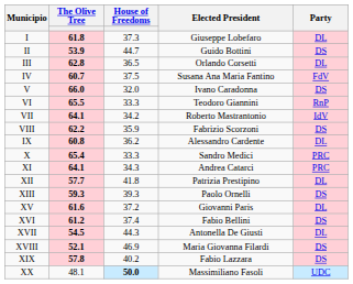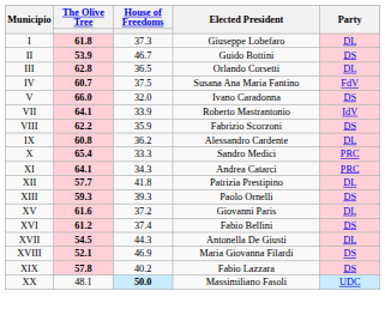 <table class="wikitable" style="text-align:center; font-size:85%; line-height:13px">
 <tr style="height:30px; background-color:#E9E9E9">
 <th style="width:50px;" rowspan="2">Municipio</th>
 <th style="width:75px;"><a href='#'>The Olive Tree</a></th>
 <th style="width:75px;"><a href='#'>House of Freedoms</a></th>
 <th style="width:195px;" rowspan="2">Elected President</th>
 <th style="width:75px;" rowspan="2">Party</th>
 </tr>
 <tr>
 <th style="background:"></th>
 <th style="background:"></th>
 </tr>
 <tr>
 <td>I</td>
 <td style="background:#FFD0D7"><strong>61.8</strong></td>
 <td>37.3</td>
 <td>Giuseppe Lobefaro</td>
 <td style="background:#FFD0D7"><a href='#'>DL</a></td>
 </tr>
 <tr>
 <td>II</td>
 <td style="background:#FFD0D7"><strong>53.9</strong></td>
-<td>44.7</td>
+<td>46.7</td>
 <td>Guido Bottini</td>
 <td style="background:#FFD0D7"><a href='#'>DS</a></td>
 </tr>
 <tr>
 <td>III</td>
 <td style="background:#FFD0D7"><strong>62.8</strong></td>
 <td>36.5</td>
 <td>Orlando Corsetti</td>
 <td style="background:#FFD0D7"><a href='#'>DL</a></td>
 </tr>
 <tr>
 <td>IV</td>
 <td style="background:#FFD0D7"><strong>60.7</strong></td>
 <td>37.5</td>
 <td>Susana Ana Maria Fantino</td>
 <td style="background:#FFD0D7"><a href='#'>FdV</a></td>
 </tr>
 <tr>
 <td>V</td>
 <td style="background:#FFD0D7"><strong>66.0</strong></td>
 <td>32.0</td>
 <td>Ivano Caradonna</td>
 <td style="background:#FFD0D7"><a href='#'>DS</a></td>
 </tr>
 <tr>
-<td>VI</td>
-<td style="background:#FFD0D7"><strong>65.5</strong></td>
-<td>33.3</td>
-<td>Teodoro Giannini</td>
-<td style="background:#FFD0D7"><a href='#'>RnP</a></td>
-</tr>
-<tr>
 <td>VII</td>
 <td style="background:#FFD0D7"><strong>64.1</strong></td>
-<td>34.2</td>
+<td>33.9</td>
 <td>Roberto Mastrantonio</td>
 <td style="background:#FFD0D7"><a href='#'>IdV</a></td>
 </tr>
 <tr>
 <td>VIII</td>
 <td style="background:#FFD0D7"><strong>62.2</strong></td>
 <td>35.9</td>
 <td>Fabrizio Scorzoni</td>
 <td style="background:#FFD0D7"><a href='#'>DS</a></td>
 </tr>
 <tr>
 <td>IX</td>
 <td style="background:#FFD0D7"><strong>60.8</strong></td>
 <td>36.2</td>
 <td>Alessandro Cardente</td>
 <td style="background:#FFD0D7"><a href='#'>DL</a></td>
 </tr>
 <tr>
 <td>X</td>
 <td style="background:#FFD0D7"><strong>65.4</strong></td>
 <td>33.3</td>
 <td>Sandro Medici</td>
 <td style="background:#FFD0D7"><a href='#'>PRC</a></td>
 </tr>
 <tr>
 <td>XI</td>
 <td style="background:#FFD0D7"><strong>64.1</strong></td>
 <td>34.3</td>
 <td>Andrea Catarci</td>
 <td style="background:#FFD0D7"><a href='#'>PRC</a></td>
 </tr>
 <tr>
 <td>XII</td>
 <td style="background:#FFD0D7"><strong>57.7</strong></td>
 <td>41.8</td>
 <td>Patrizia Prestipino</td>
 <td style="background:#FFD0D7"><a href='#'>DL</a></td>
 </tr>
 <tr>
 <td>XIII</td>
 <td style="background:#FFD0D7"><strong>59.3</strong></td>
 <td>39.3</td>
 <td>Paolo Ornelli</td>
 <td style="background:#FFD0D7"><a href='#'>DS</a></td>
 </tr>
 <tr>
 <td>XV</td>
 <td style="background:#FFD0D7"><strong>61.6</strong></td>
 <td>37.2</td>
 <td>Giovanni Paris</td>
 <td style="background:#FFD0D7"><a href='#'>DL</a></td>
 </tr>
 <tr>
 <td>XVI</td>
 <td style="background:#FFD0D7"><strong>61.2</strong></td>
 <td>37.4</td>
 <td>Fabio Bellini</td>
 <td style="background:#FFD0D7"><a href='#'>DS</a></td>
 </tr>
 <tr>
 <td>XVII</td>
 <td style="background:#FFD0D7"><strong>54.5</strong></td>
 <td>44.3</td>
 <td>Antonella De Giusti</td>
 <td style="background:#FFD0D7"><a href='#'>DL</a></td>
 </tr>
 <tr>
 <td>XVIII</td>
 <td style="background:#FFD0D7"><strong>52.1</strong></td>
 <td>46.9</td>
 <td>Maria Giovanna Filardi</td>
 <td style="background:#FFD0D7"><a href='#'>DS</a></td>
 </tr>
 <tr>
 <td>XIX</td>
 <td style="background:#FFD0D7"><strong>57.8</strong></td>
 <td>40.2</td>
 <td>Fabio Lazzara</td>
 <td style="background:#FFD0D7"><a href='#'>DS</a></td>
 </tr>
 <tr>
 <td>XX</td>
 <td>48.1</td>
 <td style="background:#C8EBFF"><strong>50.0</strong></td>
 <td>Massimiliano Fasoli</td>
 <td style="background:#C8EBFF"><a href='#'>UDC</a></td>
 </tr>
 </table>
